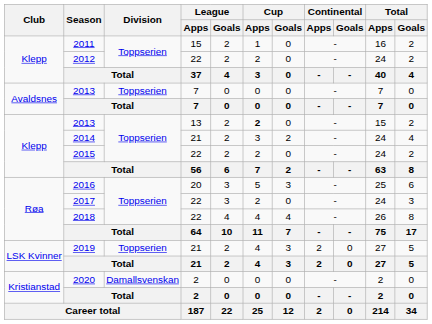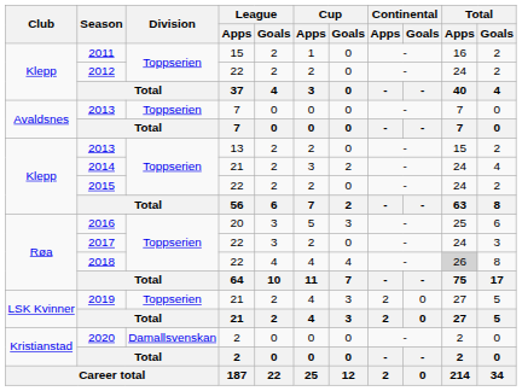 <table class="wikitable" style="text-align: center;">
 <tr>
 <th rowspan="2">Club</th>
 <th rowspan="2">Season</th>
 <th rowspan="2">Division</th>
 <th colspan="2">League</th>
 <th colspan="2">Cup</th>
 <th colspan="2">Continental</th>
 <th colspan="2">Total</th>
 </tr>
 <tr>
 <th>Apps</th>
 <th>Goals</th>
 <th>Apps</th>
 <th>Goals</th>
 <th>Apps</th>
 <th>Goals</th>
 <th>Apps</th>
 <th>Goals</th>
 </tr>
 <tr>
 <td rowspan="3" valign="center"><a href='#'>Klepp</a></td>
 <td><a href='#'>2011</a></td>
 <td rowspan="2" valign="center"><a href='#'>Toppserien</a></td>
 <td>15</td>
 <td>2</td>
 <td>1</td>
 <td>0</td>
 <td colspan="2">-</td>
 <td>16</td>
 <td>2</td>
 </tr>
 <tr>
 <td><a href='#'>2012</a></td>
 <td>22</td>
 <td>2</td>
 <td>2</td>
 <td>0</td>
 <td colspan="2">-</td>
 <td>24</td>
 <td>2</td>
 </tr>
 <tr>
 <th colspan="2">Total</th>
 <th>37</th>
 <th>4</th>
 <th>3</th>
 <th>0</th>
 <th>-</th>
 <th>-</th>
 <th>40</th>
 <th>4</th>
 </tr>
 <tr>
 <td rowspan="2" valign="center"><a href='#'>Avaldsnes</a></td>
 <td><a href='#'>2013</a></td>
 <td rowspan="1" valign="center"><a href='#'>Toppserien</a></td>
 <td>7</td>
 <td>0</td>
 <td>0</td>
 <td>0</td>
 <td colspan="2">-</td>
 <td>7</td>
 <td>0</td>
 </tr>
 <tr>
 <th colspan="2">Total</th>
 <th>7</th>
 <th>0</th>
 <th>0</th>
 <th>0</th>
 <th>-</th>
 <th>-</th>
 <th>7</th>
 <th>0</th>
 </tr>
 <tr>
 <td rowspan="4" valign="center"><a href='#'>Klepp</a></td>
 <td><a href='#'>2013</a></td>
 <td rowspan="3" valign="center"><a href='#'>Toppserien</a></td>
 <td>13</td>
 <td>2</td>
-<td><strong>2</strong></td>
+<td>2</td>
 <td>0</td>
 <td colspan="2">-</td>
 <td>15</td>
 <td>2</td>
 </tr>
 <tr>
 <td><a href='#'>2014</a></td>
 <td>21</td>
 <td>2</td>
 <td>3</td>
 <td>2</td>
 <td colspan="2">-</td>
 <td>24</td>
 <td>4</td>
 </tr>
 <tr>
 <td><a href='#'>2015</a></td>
 <td>22</td>
 <td>2</td>
 <td>2</td>
 <td>0</td>
 <td colspan="2">-</td>
 <td>24</td>
 <td>2</td>
 </tr>
 <tr>
 <th colspan="2">Total</th>
 <th>56</th>
 <th>6</th>
 <th>7</th>
 <th>2</th>
 <th>-</th>
 <th>-</th>
 <th>63</th>
 <th>8</th>
 </tr>
 <tr>
 <td rowspan="4" valign="center"><a href='#'>Røa</a></td>
 <td><a href='#'>2016</a></td>
 <td rowspan="3" valign="center"><a href='#'>Toppserien</a></td>
 <td>20</td>
 <td>3</td>
 <td>5</td>
 <td>3</td>
 <td colspan="2">-</td>
 <td>25</td>
 <td>6</td>
 </tr>
 <tr>
 <td><a href='#'>2017</a></td>
 <td>22</td>
 <td>3</td>
 <td>2</td>
 <td>0</td>
 <td colspan="2">-</td>
 <td>24</td>
 <td>3</td>
 </tr>
 <tr>
 <td><a href='#'>2018</a></td>
 <td>22</td>
 <td>4</td>
 <td>4</td>
 <td>4</td>
 <td colspan="2">-</td>
-<td>26</td>
+<td style="background: lightgrey;">26</td>
 <td>8</td>
 </tr>
 <tr>
 <th colspan="2">Total</th>
 <th>64</th>
 <th>10</th>
 <th>11</th>
 <th>7</th>
 <th>-</th>
 <th>-</th>
 <th>75</th>
 <th>17</th>
 </tr>
 <tr>
 <td rowspan="2" valign="center"><a href='#'>LSK Kvinner</a></td>
 <td><a href='#'>2019</a></td>
 <td rowspan="1" valign="center"><a href='#'>Toppserien</a></td>
 <td>21</td>
 <td>2</td>
 <td>4</td>
 <td>3</td>
 <td>2</td>
 <td>0</td>
 <td>27</td>
 <td>5</td>
 </tr>
 <tr>
 <th colspan="2">Total</th>
 <th>21</th>
 <th>2</th>
 <th>4</th>
 <th>3</th>
 <th>2</th>
 <th>0</th>
 <th>27</th>
 <th>5</th>
 </tr>
 <tr>
 <td rowspan="2" valign="center"><a href='#'>Kristianstad</a></td>
 <td><a href='#'>2020</a></td>
 <td rowspan="1" valign="center"><a href='#'>Damallsvenskan</a></td>
 <td>2</td>
 <td>0</td>
 <td>0</td>
 <td>0</td>
 <td colspan="2">-</td>
 <td>2</td>
 <td>0</td>
 </tr>
 <tr>
 <th colspan="2">Total</th>
 <th>2</th>
 <th>0</th>
 <th>0</th>
 <th>0</th>
 <th>-</th>
 <th>-</th>
 <th>2</th>
 <th>0</th>
 </tr>
 <tr>
 <th colspan="3">Career total</th>
 <th>187</th>
 <th>22</th>
 <th>25</th>
 <th>12</th>
 <th>2</th>
 <th>0</th>
 <th>214</th>
 <th>34</th>
 </tr>
 </table>
